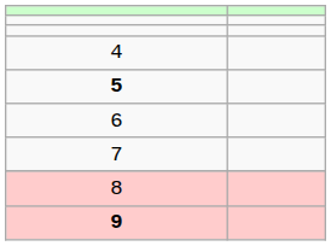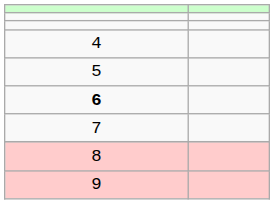 <table class="wikitable" style="width:200px;">
 <tr style="background:#ccffcc;">
 <td align=center></td>
 <td></td>
 </tr>
 <tr>
 <td align=center></td>
 <td></td>
 </tr>
 <tr>
 <td align=center></td>
 <td></td>
 </tr>
 <tr>
 <td align=center>4</td>
 <td></td>
 </tr>
 <tr>
-<td align=center><strong>5</strong></td>
+<td align=center>5</td>
 <td></td>
 </tr>
 <tr>
-<td align=center>6</td>
+<td align=center><strong>6</strong></td>
 <td></td>
 </tr>
 <tr>
 <td align=center>7</td>
 <td></td>
 </tr>
 <tr>
 </tr>
 <tr style="background:#ffcccc;">
 <td align=center>8</td>
 <td></td>
 </tr>
 <tr style="background:#ffcccc;">
-<td align=center><strong>9</strong></td>
+<td align=center>9</td>
 <td></td>
 </tr>
 </table>
